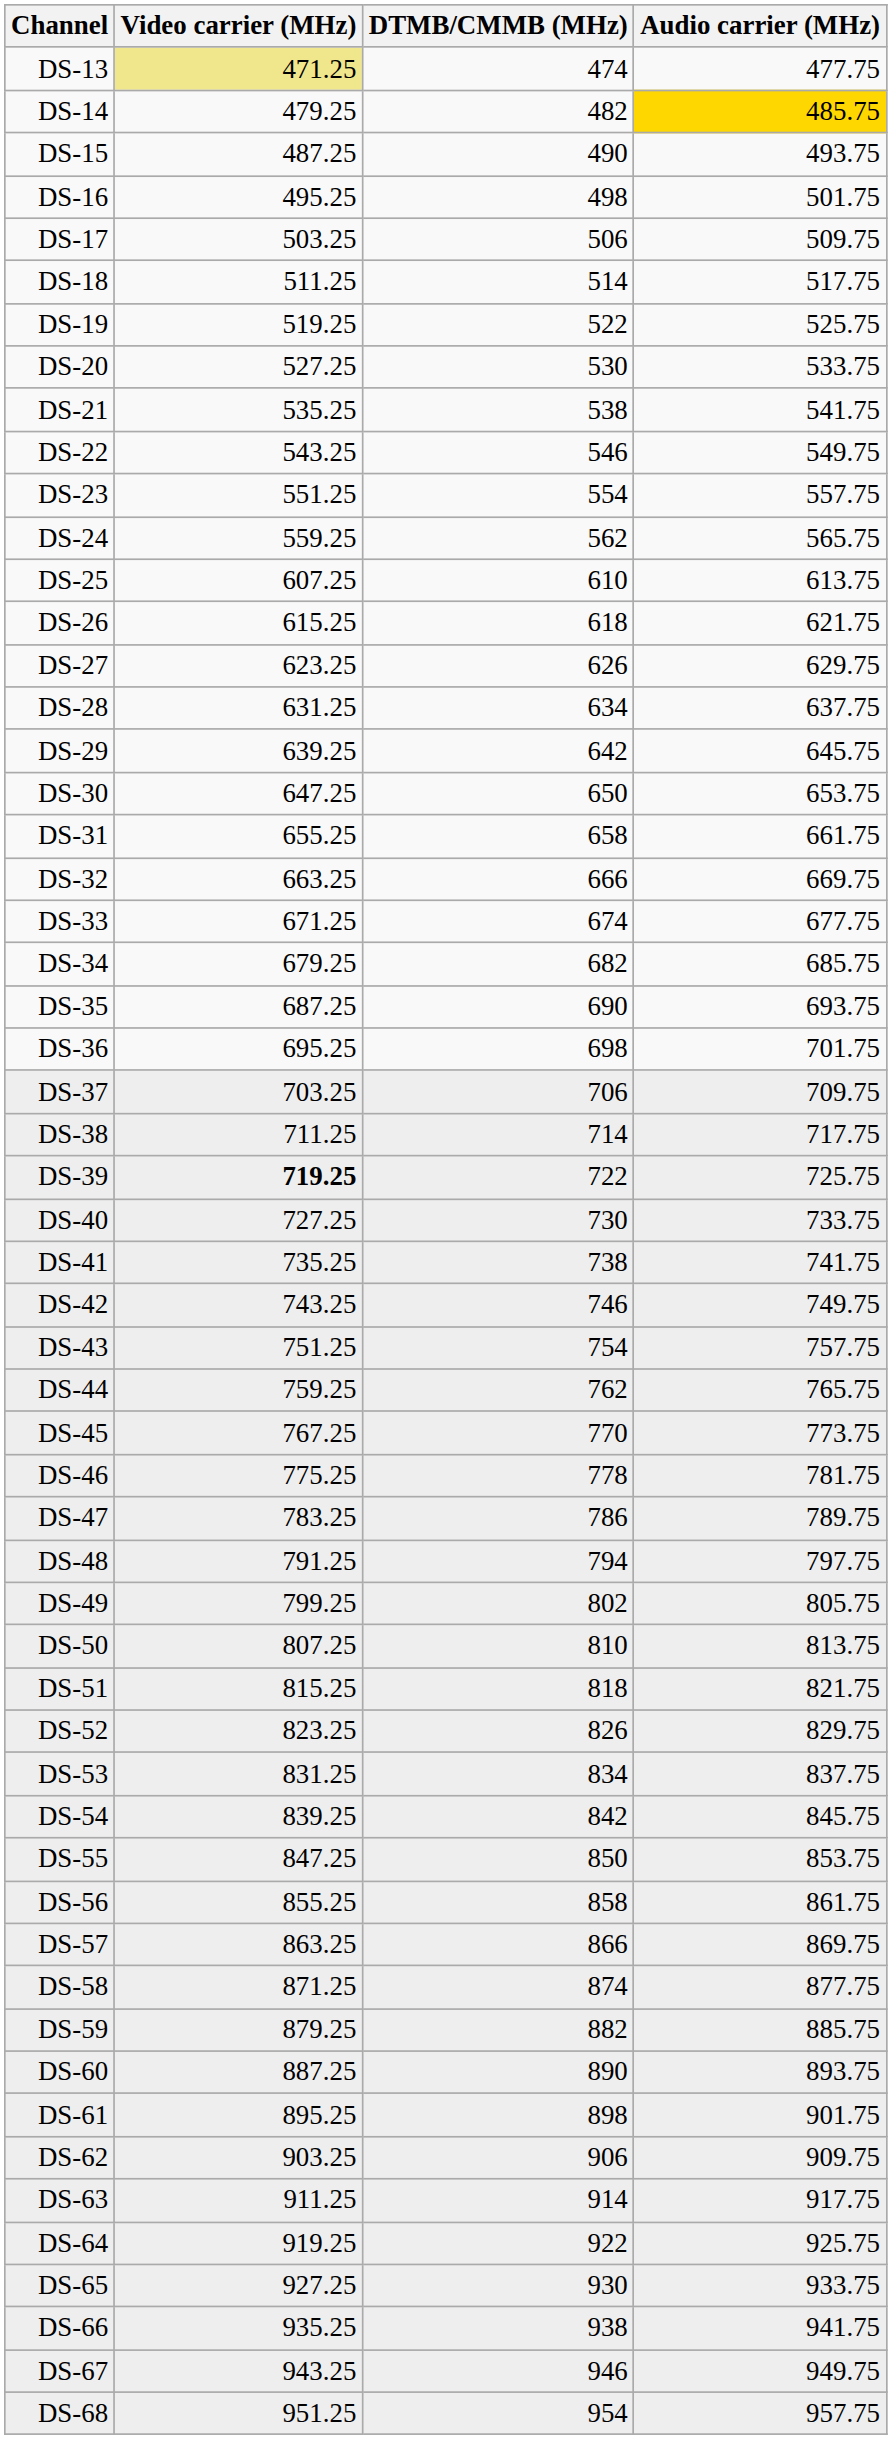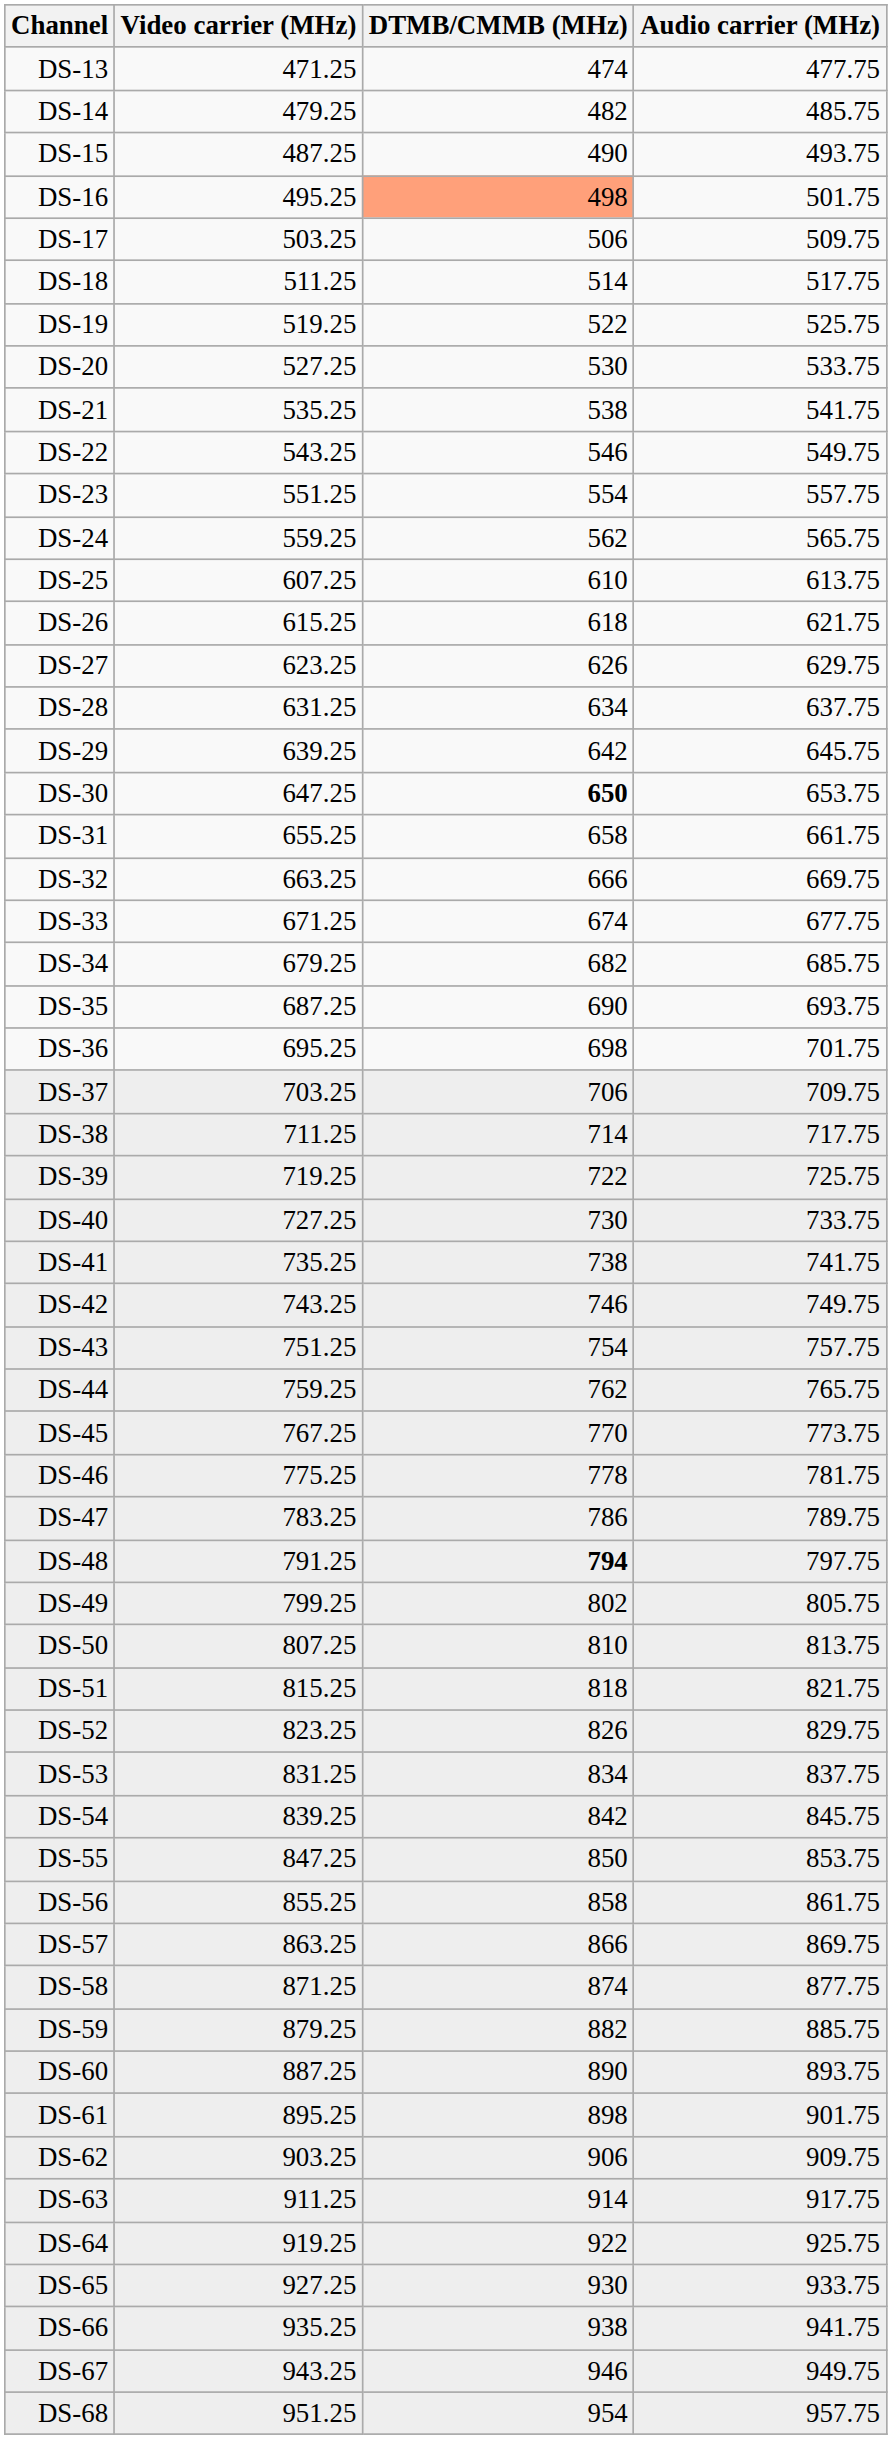 <table class="wikitable" style="text-align:right">
 <tr>
 <th>Channel</th>
 <th>Video carrier (MHz)</th>
 <th>DTMB/CMMB (MHz)</th>
 <th>Audio carrier (MHz)</th>
 </tr>
 <tr>
 <td>DS-13</td>
-<td style="background: khaki;">471.25</td>
+<td>471.25</td>
 <td>474</td>
 <td>477.75</td>
 </tr>
 <tr>
 <td>DS-14</td>
 <td>479.25</td>
 <td>482</td>
-<td style="background: gold;">485.75</td>
+<td>485.75</td>
 </tr>
 <tr>
 <td>DS-15</td>
 <td>487.25</td>
 <td>490</td>
 <td>493.75</td>
 </tr>
 <tr>
 <td>DS-16</td>
 <td>495.25</td>
-<td>498</td>
+<td style="background: lightsalmon;">498</td>
 <td>501.75</td>
 </tr>
 <tr>
 <td>DS-17</td>
 <td>503.25</td>
 <td>506</td>
 <td>509.75</td>
 </tr>
 <tr>
 <td>DS-18</td>
 <td>511.25</td>
 <td>514</td>
 <td>517.75</td>
 </tr>
 <tr>
 <td>DS-19</td>
 <td>519.25</td>
 <td>522</td>
 <td>525.75</td>
 </tr>
 <tr>
 <td>DS-20</td>
 <td>527.25</td>
 <td>530</td>
 <td>533.75</td>
 </tr>
 <tr>
 <td>DS-21</td>
 <td>535.25</td>
 <td>538</td>
 <td>541.75</td>
 </tr>
 <tr>
 <td>DS-22</td>
 <td>543.25</td>
 <td>546</td>
 <td>549.75</td>
 </tr>
 <tr>
 <td>DS-23</td>
 <td>551.25</td>
 <td>554</td>
 <td>557.75</td>
 </tr>
 <tr>
 <td>DS-24</td>
 <td>559.25</td>
 <td>562</td>
 <td>565.75</td>
 </tr>
 <tr>
 <td>DS-25</td>
 <td>607.25</td>
 <td>610</td>
 <td>613.75</td>
 </tr>
 <tr>
 <td>DS-26</td>
 <td>615.25</td>
 <td>618</td>
 <td>621.75</td>
 </tr>
 <tr>
 <td>DS-27</td>
 <td>623.25</td>
 <td>626</td>
 <td>629.75</td>
 </tr>
 <tr>
 <td>DS-28</td>
 <td>631.25</td>
 <td>634</td>
 <td>637.75</td>
 </tr>
 <tr>
 <td>DS-29</td>
 <td>639.25</td>
 <td>642</td>
 <td>645.75</td>
 </tr>
 <tr>
 <td>DS-30</td>
 <td>647.25</td>
-<td>650</td>
+<td><strong>650</strong></td>
 <td>653.75</td>
 </tr>
 <tr>
 <td>DS-31</td>
 <td>655.25</td>
 <td>658</td>
 <td>661.75</td>
 </tr>
 <tr>
 <td>DS-32</td>
 <td>663.25</td>
 <td>666</td>
 <td>669.75</td>
 </tr>
 <tr>
 <td>DS-33</td>
 <td>671.25</td>
 <td>674</td>
 <td>677.75</td>
 </tr>
 <tr>
 <td>DS-34</td>
 <td>679.25</td>
 <td>682</td>
 <td>685.75</td>
 </tr>
 <tr>
 <td>DS-35</td>
 <td>687.25</td>
 <td>690</td>
 <td>693.75</td>
 </tr>
 <tr>
 <td>DS-36</td>
 <td>695.25</td>
 <td>698</td>
 <td>701.75</td>
 </tr>
 <tr bgcolor=#EEEEEE>
 <td>DS-37</td>
 <td>703.25</td>
 <td>706</td>
 <td>709.75</td>
 </tr>
 <tr bgcolor=#EEEEEE>
 <td>DS-38</td>
 <td>711.25</td>
 <td>714</td>
 <td>717.75</td>
 </tr>
 <tr bgcolor=#EEEEEE>
 <td>DS-39</td>
-<td><strong>719.25</strong></td>
+<td>719.25</td>
 <td>722</td>
 <td>725.75</td>
 </tr>
 <tr bgcolor=#EEEEEE>
 <td>DS-40</td>
 <td>727.25</td>
 <td>730</td>
 <td>733.75</td>
 </tr>
 <tr bgcolor=#EEEEEE>
 <td>DS-41</td>
 <td>735.25</td>
 <td>738</td>
 <td>741.75</td>
 </tr>
 <tr bgcolor=#EEEEEE>
 <td>DS-42</td>
 <td>743.25</td>
 <td>746</td>
 <td>749.75</td>
 </tr>
 <tr bgcolor=#EEEEEE>
 <td>DS-43</td>
 <td>751.25</td>
 <td>754</td>
 <td>757.75</td>
 </tr>
 <tr bgcolor=#EEEEEE>
 <td>DS-44</td>
 <td>759.25</td>
 <td>762</td>
 <td>765.75</td>
 </tr>
 <tr bgcolor=#EEEEEE>
 <td>DS-45</td>
 <td>767.25</td>
 <td>770</td>
 <td>773.75</td>
 </tr>
 <tr bgcolor=#EEEEEE>
 <td>DS-46</td>
 <td>775.25</td>
 <td>778</td>
 <td>781.75</td>
 </tr>
 <tr bgcolor=#EEEEEE>
 <td>DS-47</td>
 <td>783.25</td>
 <td>786</td>
 <td>789.75</td>
 </tr>
 <tr bgcolor=#EEEEEE>
 <td>DS-48</td>
 <td>791.25</td>
-<td>794</td>
+<td><strong>794</strong></td>
 <td>797.75</td>
 </tr>
 <tr bgcolor=#EEEEEE>
 <td>DS-49</td>
 <td>799.25</td>
 <td>802</td>
 <td>805.75</td>
 </tr>
 <tr bgcolor=#EEEEEE>
 <td>DS-50</td>
 <td>807.25</td>
 <td>810</td>
 <td>813.75</td>
 </tr>
 <tr bgcolor=#EEEEEE>
 <td>DS-51</td>
 <td>815.25</td>
 <td>818</td>
 <td>821.75</td>
 </tr>
 <tr bgcolor=#EEEEEE>
 <td>DS-52</td>
 <td>823.25</td>
 <td>826</td>
 <td>829.75</td>
 </tr>
 <tr bgcolor=#EEEEEE>
 <td>DS-53</td>
 <td>831.25</td>
 <td>834</td>
 <td>837.75</td>
 </tr>
 <tr bgcolor=#EEEEEE>
 <td>DS-54</td>
 <td>839.25</td>
 <td>842</td>
 <td>845.75</td>
 </tr>
 <tr bgcolor=#EEEEEE>
 <td>DS-55</td>
 <td>847.25</td>
 <td>850</td>
 <td>853.75</td>
 </tr>
 <tr bgcolor=#EEEEEE>
 <td>DS-56</td>
 <td>855.25</td>
 <td>858</td>
 <td>861.75</td>
 </tr>
 <tr bgcolor=#EEEEEE>
 <td>DS-57</td>
 <td>863.25</td>
 <td>866</td>
 <td>869.75</td>
 </tr>
 <tr bgcolor=#EEEEEE>
 <td>DS-58</td>
 <td>871.25</td>
 <td>874</td>
 <td>877.75</td>
 </tr>
 <tr bgcolor=#EEEEEE>
 <td>DS-59</td>
 <td>879.25</td>
 <td>882</td>
 <td>885.75</td>
 </tr>
 <tr bgcolor=#EEEEEE>
 <td>DS-60</td>
 <td>887.25</td>
 <td>890</td>
 <td>893.75</td>
 </tr>
 <tr bgcolor=#EEEEEE>
 <td>DS-61</td>
 <td>895.25</td>
 <td>898</td>
 <td>901.75</td>
 </tr>
 <tr bgcolor=#EEEEEE>
 <td>DS-62</td>
 <td>903.25</td>
 <td>906</td>
 <td>909.75</td>
 </tr>
 <tr bgcolor=#EEEEEE>
 <td>DS-63</td>
 <td>911.25</td>
 <td>914</td>
 <td>917.75</td>
 </tr>
 <tr bgcolor=#EEEEEE>
 <td>DS-64</td>
 <td>919.25</td>
 <td>922</td>
 <td>925.75</td>
 </tr>
 <tr bgcolor=#EEEEEE>
 <td>DS-65</td>
 <td>927.25</td>
 <td>930</td>
 <td>933.75</td>
 </tr>
 <tr bgcolor=#EEEEEE>
 <td>DS-66</td>
 <td>935.25</td>
 <td>938</td>
 <td>941.75</td>
 </tr>
 <tr bgcolor=#EEEEEE>
 <td>DS-67</td>
 <td>943.25</td>
 <td>946</td>
 <td>949.75</td>
 </tr>
 <tr bgcolor=#EEEEEE>
 <td>DS-68</td>
 <td>951.25</td>
 <td>954</td>
 <td>957.75</td>
 </tr>
 </table>
